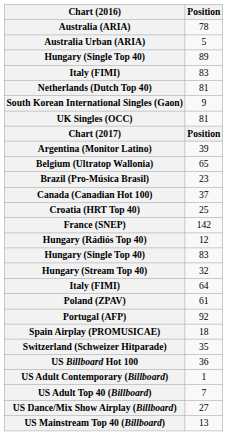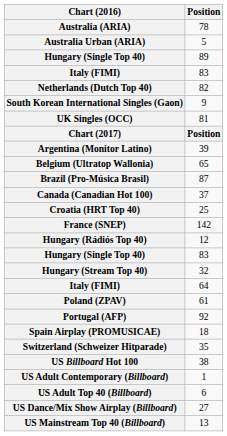 <table class="wikitable sortable plainrowheaders" style="text-align:center">
 <tr>
 <th scope="col">Chart (2016)</th>
 <th scope="col">Position</th>
 </tr>
 <tr>
 <th scope="row">Australia (ARIA)</th>
 <td>78</td>
 </tr>
 <tr>
 <th scope="row">Australia Urban (ARIA)</th>
 <td>5</td>
 </tr>
 <tr>
 <th scope="row">Hungary (Single Top 40)</th>
 <td>89</td>
 </tr>
 <tr>
 <th scope="row">Italy (FIMI)</th>
 <td>83</td>
 </tr>
 <tr>
 <th scope="row">Netherlands (Dutch Top 40)</th>
-<td>81</td>
+<td>82</td>
 </tr>
 <tr>
 <th scope="row">South Korean International Singles (Gaon)</th>
 <td>9</td>
 </tr>
 <tr>
 <th scope="row">UK Singles (OCC)</th>
 <td>81</td>
 </tr>
 <tr>
 <th scope="col">Chart (2017)</th>
 <th scope="col">Position</th>
 </tr>
 <tr>
 <th scope="row">Argentina (Monitor Latino)</th>
 <td>39</td>
 </tr>
 <tr>
 <th scope="row">Belgium (Ultratop Wallonia)</th>
 <td>65</td>
 </tr>
 <tr>
 <th scope="row">Brazil (Pro-Música Brasil)</th>
-<td>23</td>
+<td>87</td>
 </tr>
 <tr>
 <th scope="row">Canada (Canadian Hot 100)</th>
 <td>37</td>
 </tr>
 <tr>
 <th scope="row">Croatia (HRT Top 40)</th>
 <td>25</td>
 </tr>
 <tr>
 <th scope="row">France (SNEP)</th>
 <td>142</td>
 </tr>
 <tr>
 <th scope="row">Hungary (Rádiós Top 40)</th>
 <td>12</td>
 </tr>
 <tr>
 <th scope="row">Hungary (Single Top 40)</th>
 <td>83</td>
 </tr>
 <tr>
 <th scope="row">Hungary (Stream Top 40)</th>
 <td>32</td>
 </tr>
 <tr>
 <th scope="row">Italy (FIMI)</th>
 <td>64</td>
 </tr>
 <tr>
 <th scope="row">Poland (ZPAV)</th>
 <td>61</td>
 </tr>
 <tr>
 <th scope="row">Portugal (AFP)</th>
 <td>92</td>
 </tr>
 <tr>
 <th scope="row">Spain Airplay (PROMUSICAE)</th>
 <td>18</td>
 </tr>
 <tr>
 <th scope="row">Switzerland (Schweizer Hitparade)</th>
 <td>35</td>
 </tr>
 <tr>
 <th scope="row">US <em>Billboard</em> Hot 100</th>
-<td>36</td>
+<td>38</td>
 </tr>
 <tr>
 <th scope="row">US Adult Contemporary (<em>Billboard</em>)</th>
 <td>1</td>
 </tr>
 <tr>
 <th scope="row">US Adult Top 40 (<em>Billboard</em>)</th>
-<td>7</td>
+<td>6</td>
 </tr>
 <tr>
 <th scope="row">US Dance/Mix Show Airplay (<em>Billboard</em>)</th>
 <td>27</td>
 </tr>
 <tr>
 <th scope="row">US Mainstream Top 40 (<em>Billboard</em>)</th>
 <td>13</td>
 </tr>
 </table>
